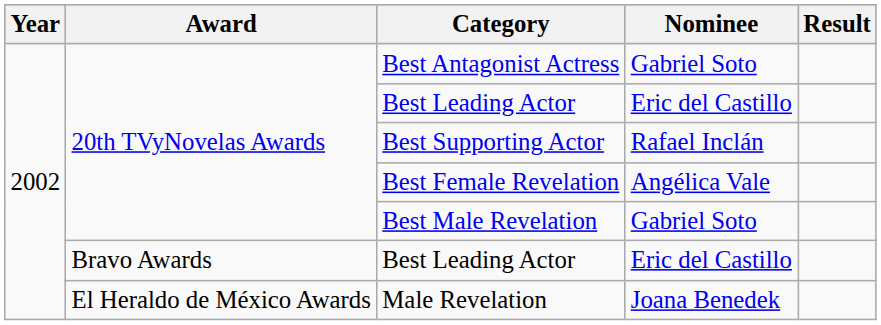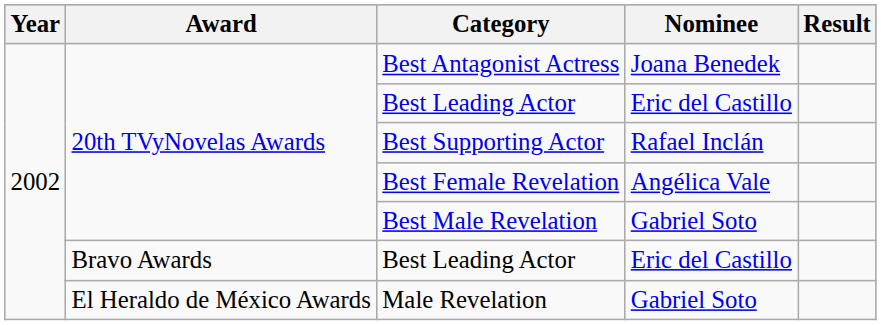 <table class="wikitable">
 <tr style="background:#b0c4de;">
 <th>Year</th>
 <th>Award</th>
 <th>Category</th>
 <th>Nominee</th>
 <th>Result</th>
 </tr>
 <tr>
 <td rowspan=7>2002</td>
 <td rowspan=5><a href='#'>20th TVyNovelas Awards</a></td>
 <td><a href='#'>Best Antagonist Actress</a></td>
-<td><a href='#'>Gabriel Soto</a></td>
+<td><a href='#'>Joana Benedek</a></td>
 <td></td>
 </tr>
 <tr>
 <td><a href='#'>Best Leading Actor</a></td>
 <td><a href='#'>Eric del Castillo</a></td>
 <td></td>
 </tr>
 <tr>
 <td><a href='#'>Best Supporting Actor</a></td>
 <td><a href='#'>Rafael Inclán</a></td>
 <td></td>
 </tr>
 <tr>
 <td><a href='#'>Best Female Revelation</a></td>
 <td><a href='#'>Angélica Vale</a></td>
 <td></td>
 </tr>
 <tr>
 <td><a href='#'>Best Male Revelation</a></td>
 <td><a href='#'>Gabriel Soto</a></td>
 <td></td>
 </tr>
 <tr>
 <td>Bravo Awards</td>
 <td>Best Leading Actor</td>
 <td><a href='#'>Eric del Castillo</a></td>
 <td></td>
 </tr>
 <tr>
 <td>El Heraldo de México Awards</td>
 <td>Male Revelation</td>
-<td><a href='#'>Joana Benedek</a></td>
+<td><a href='#'>Gabriel Soto</a></td>
 <td></td>
 </tr>
 </table>
